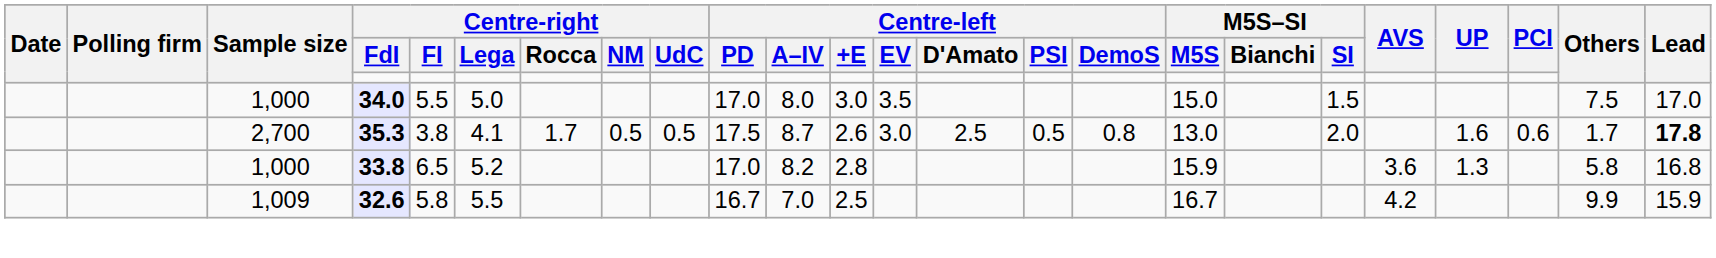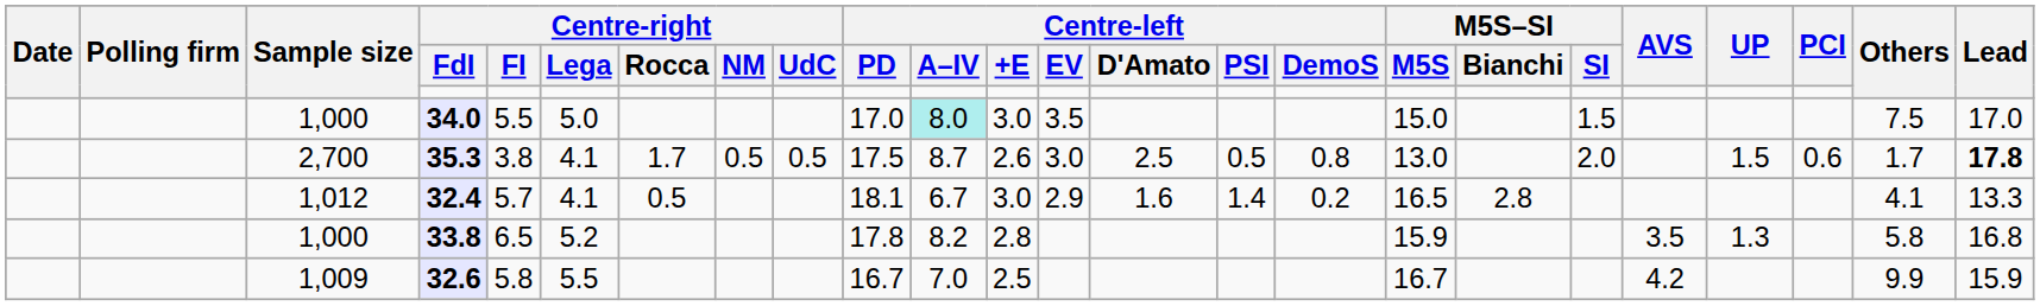 <table class=wikitable style="text-align:center;font-size:85%;line-height:13px">
 <tr>
 <th rowspan="3">Date</th>
 <th rowspan="3">Polling firm</th>
 <th rowspan="3">Sample size</th>
 <th colspan="6" style="width:35px;"><a href='#'>Centre-right</a></th>
 <th colspan="7" style="width:35px;"><a href='#'>Centre-left</a></th>
 <th colspan="3" style="width:35px;">M5S–SI</th>
 <th rowspan="2" style="width:35px;"><a href='#'>AVS</a></th>
 <th rowspan="2" style="width:35px;"><a href='#'>UP</a></th>
 <th rowspan="2"><a href='#'>PCI</a></th>
 <th rowspan="3">Others</th>
 <th rowspan="3">Lead</th>
 </tr>
 <tr>
 <th><a href='#'>FdI</a></th>
 <th><a href='#'>FI</a></th>
 <th><a href='#'>Lega</a></th>
 <th>Rocca</th>
 <th><a href='#'>NM</a></th>
 <th><a href='#'>UdC</a></th>
 <th><a href='#'>PD</a></th>
 <th><a href='#'>A–IV</a></th>
 <th><a href='#'>+E</a></th>
 <th><a href='#'>EV</a></th>
 <th>D'Amato</th>
 <th><a href='#'>PSI</a></th>
 <th><a href='#'>DemoS</a></th>
 <th><a href='#'>M5S</a></th>
 <th>Bianchi</th>
 <th><a href='#'>SI</a></th>
 </tr>
 <tr>
 <td></td>
 <td></td>
 <td></td>
 <td></td>
 <td></td>
 <td></td>
 <td></td>
 <td></td>
 <td></td>
 <td></td>
 <td></td>
 <td></td>
 <td></td>
 <td></td>
 <td></td>
 <td></td>
 <td></td>
 <td></td>
 <td></td>
 </tr>
 <tr>
 <td></td>
 <td></td>
 <td>1,000</td>
 <td style="background:#E5E7FF;"><strong>34.0</strong></td>
 <td>5.5</td>
 <td>5.0</td>
 <td></td>
 <td></td>
 <td></td>
 <td>17.0</td>
-<td>8.0</td>
+<td style="background: paleturquoise;">8.0</td>
 <td>3.0</td>
 <td>3.5</td>
 <td></td>
 <td></td>
 <td></td>
 <td>15.0</td>
 <td></td>
 <td>1.5</td>
 <td></td>
 <td></td>
 <td></td>
 <td>7.5</td>
 <td style="background:">17.0</td>
 </tr>
 <tr>
 <td></td>
 <td></td>
 <td>2,700</td>
 <td style="background:#E5E7FF;"><strong>35.3</strong></td>
 <td>3.8</td>
 <td>4.1</td>
 <td>1.7</td>
 <td>0.5</td>
 <td>0.5</td>
 <td>17.5</td>
 <td>8.7</td>
 <td>2.6</td>
 <td>3.0</td>
 <td>2.5</td>
 <td>0.5</td>
 <td>0.8</td>
 <td>13.0</td>
 <td></td>
 <td>2.0</td>
 <td></td>
-<td>1.6</td>
+<td>1.5</td>
 <td>0.6</td>
 <td>1.7</td>
 <td style="background:"><strong>17.8</strong></td>
+</tr>
+<tr>
+<td></td>
+<td></td>
+<td>1,012</td>
+<td style="background:#E5E7FF;"><strong>32.4</strong></td>
+<td>5.7</td>
+<td>4.1</td>
+<td>0.5</td>
+<td></td>
+<td></td>
+<td>18.1</td>
+<td>6.7</td>
+<td>3.0</td>
+<td>2.9</td>
+<td>1.6</td>
+<td>1.4</td>
+<td>0.2</td>
+<td>16.5</td>
+<td>2.8</td>
+<td></td>
+<td></td>
+<td></td>
+<td></td>
+<td>4.1</td>
+<td style="background:">13.3</td>
 </tr>
 <tr>
 <td></td>
 <td></td>
 <td>1,000</td>
 <td style="background:#E5E7FF;"><strong>33.8</strong></td>
 <td>6.5</td>
 <td>5.2</td>
 <td></td>
 <td></td>
 <td></td>
-<td>17.0</td>
+<td>17.8</td>
 <td>8.2</td>
 <td>2.8</td>
 <td></td>
 <td></td>
 <td></td>
 <td></td>
 <td>15.9</td>
 <td></td>
 <td></td>
-<td>3.6</td>
+<td>3.5</td>
 <td>1.3</td>
 <td></td>
 <td>5.8</td>
 <td style="background:">16.8</td>
 </tr>
 <tr>
 <td></td>
 <td></td>
 <td>1,009</td>
 <td style="background:#E5E7FF;"><strong>32.6</strong></td>
 <td>5.8</td>
 <td>5.5</td>
 <td></td>
 <td></td>
 <td></td>
 <td>16.7</td>
 <td>7.0</td>
 <td>2.5</td>
 <td></td>
 <td></td>
 <td></td>
 <td></td>
 <td>16.7</td>
 <td></td>
 <td></td>
 <td>4.2</td>
 <td></td>
 <td></td>
 <td>9.9</td>
 <td style="background:">15.9</td>
 </tr>
 </table>
